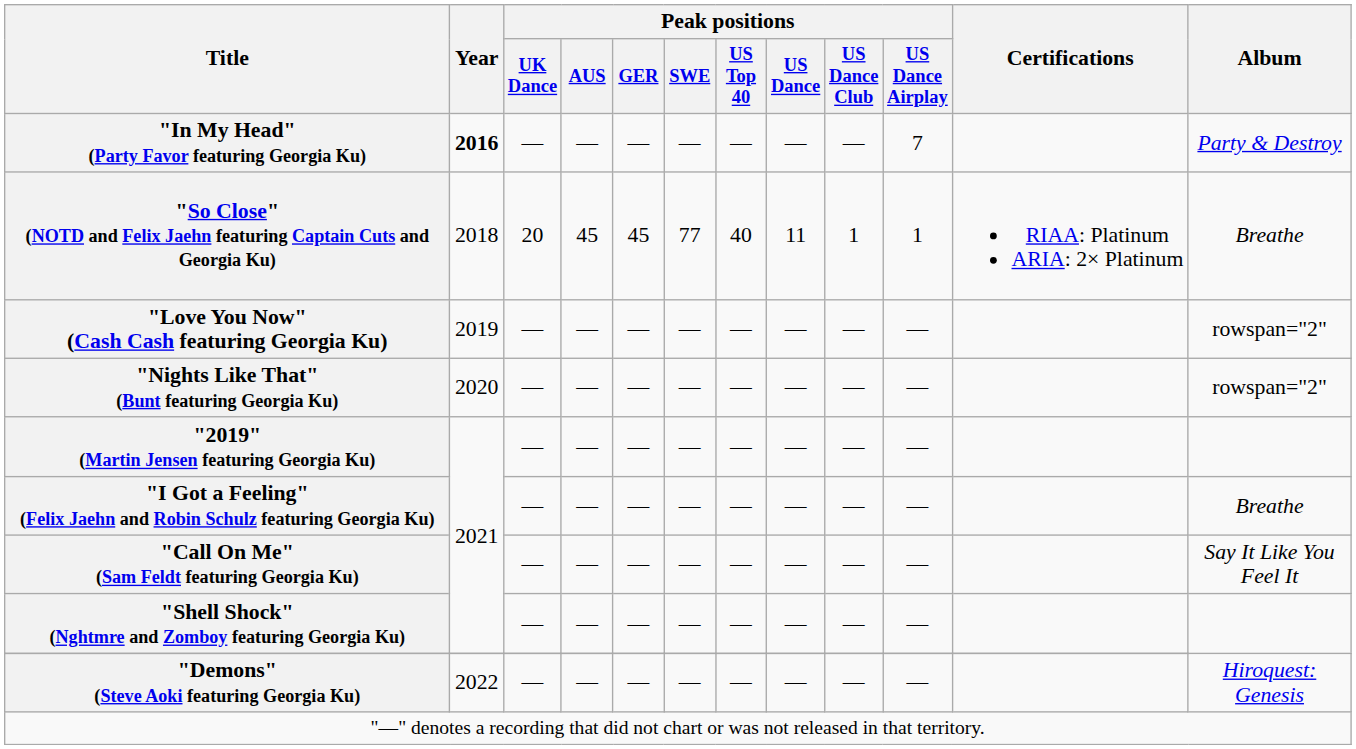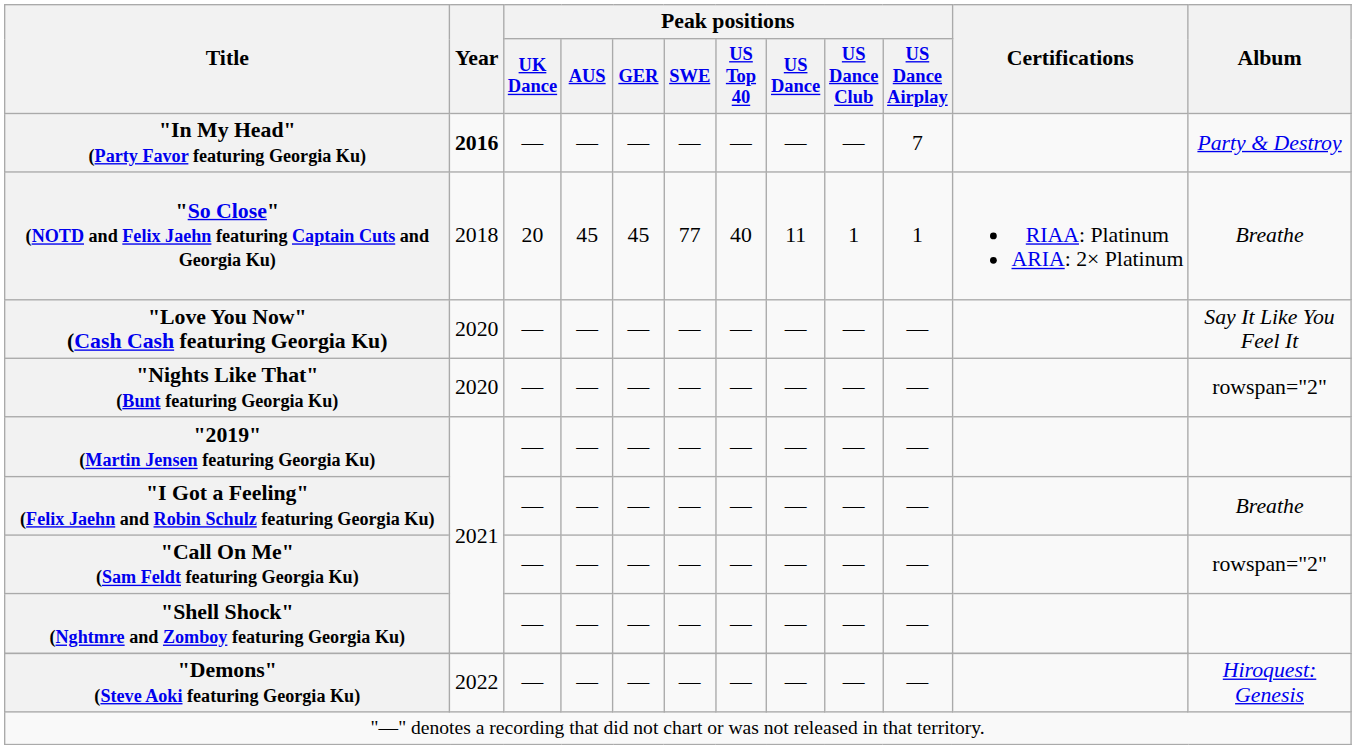 <table class="wikitable plainrowheaders" style="text-align:center;">
 <tr>
 <th scope="col" rowspan="2" style="width:20em;">Title</th>
 <th scope="col" rowspan="2" style="width:2em;">Year</th>
 <th scope="col" colspan="8">Peak positions</th>
 <th scope="col" rowspan="2">Certifications</th>
 <th scope="col" rowspan="2" style="width:7em;">Album</th>
 </tr>
 <tr>
 <th scope="col" style="width:2.3em;font-size:85%;"><a href='#'>UK<br>Dance</a></th>
 <th scope="col" style="width:2.3em;font-size:85%;"><a href='#'>AUS</a></th>
 <th scope="col" style="width:2.3em;font-size:85%;"><a href='#'>GER</a></th>
 <th scope="col" style="width:2.3em;font-size:85%;"><a href='#'>SWE</a></th>
 <th scope="col" style="width:2.3em;font-size:85%;"><a href='#'>US<br>Top 40</a><br></th>
 <th scope="col" style="width:2.3em;font-size:85%;"><a href='#'>US<br>Dance</a><br></th>
 <th scope="col" style="width:2.3em;font-size:85%;"><a href='#'>US<br>Dance<br>Club</a><br></th>
 <th scope="col" style="width:2.3em;font-size:85%;"><a href='#'>US<br>Dance<br>Airplay</a><br></th>
 </tr>
 <tr>
 <th scope="row">"In My Head"<br><small>(<a href='#'>Party Favor</a> featuring Georgia Ku)</small></th>
 <td><strong>2016</strong></td>
 <td>—</td>
 <td>—</td>
 <td>—</td>
 <td>—</td>
 <td>—</td>
 <td>—</td>
 <td>—</td>
 <td>7</td>
 <td></td>
 <td><em><a href='#'>Party & Destroy</a></em></td>
 </tr>
 <tr>
 <th scope="row">"<a href='#'>So Close</a>"<br><small>(<a href='#'>NOTD</a> and <a href='#'>Felix Jaehn</a> featuring <a href='#'>Captain Cuts</a> and Georgia Ku)</small></th>
 <td>2018</td>
 <td>20<br></td>
 <td>45<br></td>
 <td>45<br></td>
 <td>77<br></td>
 <td>40</td>
 <td>11</td>
 <td>1</td>
 <td>1</td>
 <td><br><ul><li><a href='#'>RIAA</a>: Platinum</li><li><a href='#'>ARIA</a>: 2× Platinum</li></ul></td>
 <td><em>Breathe</em></td>
 </tr>
 <tr>
 <th scope="row">"Love You Now"<br><span>(<a href='#'>Cash Cash</a> featuring Georgia Ku)</span></th>
-<td>2019</td>
+<td>2020</td>
 <td>—</td>
 <td>—</td>
 <td>—</td>
 <td>—</td>
 <td>—</td>
 <td>—</td>
 <td>—</td>
 <td>—</td>
 <td></td>
-<td>rowspan="2" </td>
+<td><em>Say It Like You Feel It</em></td>
 </tr>
 <tr>
 <th scope="row">"Nights Like That"<br><small>(<a href='#'>Bunt</a> featuring Georgia Ku)</small></th>
 <td>2020</td>
 <td>—</td>
 <td>—</td>
 <td>—</td>
 <td>—</td>
 <td>—</td>
 <td>—</td>
 <td>—</td>
 <td>—</td>
 <td></td>
 <td>rowspan="2" </td>
 </tr>
 <tr>
 <th scope="row">"2019"<br><small>(<a href='#'>Martin Jensen</a> featuring Georgia Ku)</small></th>
 <td rowspan="4">2021</td>
 <td>—</td>
 <td>—</td>
 <td>—</td>
 <td>—</td>
 <td>—</td>
 <td>—</td>
 <td>—</td>
 <td>—</td>
 <td></td>
 </tr>
 <tr>
 <th scope="row">"I Got a Feeling" <br><small>(<a href='#'>Felix Jaehn</a> and <a href='#'>Robin Schulz</a> featuring Georgia Ku)</small></th>
 <td>—</td>
 <td>—</td>
 <td>—</td>
 <td>—</td>
 <td>—</td>
 <td>—</td>
 <td>—</td>
 <td>—</td>
 <td></td>
 <td><em>Breathe</em></td>
 </tr>
 <tr>
 <th scope="row">"Call On Me" <br><small>(<a href='#'>Sam Feldt</a> featuring Georgia Ku)</small></th>
 <td>—</td>
 <td>—</td>
 <td>—</td>
 <td>—</td>
 <td>—</td>
 <td>—</td>
 <td>—</td>
 <td>—</td>
 <td></td>
-<td><em>Say It Like You Feel It</em></td>
+<td>rowspan="2" </td>
 </tr>
 <tr>
 <th scope="row">"Shell Shock" <br><small>(<a href='#'>Nghtmre</a> and <a href='#'>Zomboy</a> featuring Georgia Ku)</small></th>
 <td>—</td>
 <td>—</td>
 <td>—</td>
 <td>—</td>
 <td>—</td>
 <td>—</td>
 <td>—</td>
 <td>—</td>
 <td></td>
 </tr>
 <tr>
 </tr>
 <tr>
 <th scope="row">"Demons"<br><small>(<a href='#'>Steve Aoki</a> featuring Georgia Ku)</small></th>
 <td>2022</td>
 <td>—</td>
 <td>—</td>
 <td>—</td>
 <td>—</td>
 <td>—</td>
 <td>—</td>
 <td>—</td>
 <td>—</td>
 <td></td>
 <td><em><a href='#'>Hiroquest: Genesis</a></em></td>
 </tr>
 <tr>
 <td colspan="13" style="font-size:90%">"—" denotes a recording that did not chart or was not released in that territory.</td>
 </tr>
 </table>
